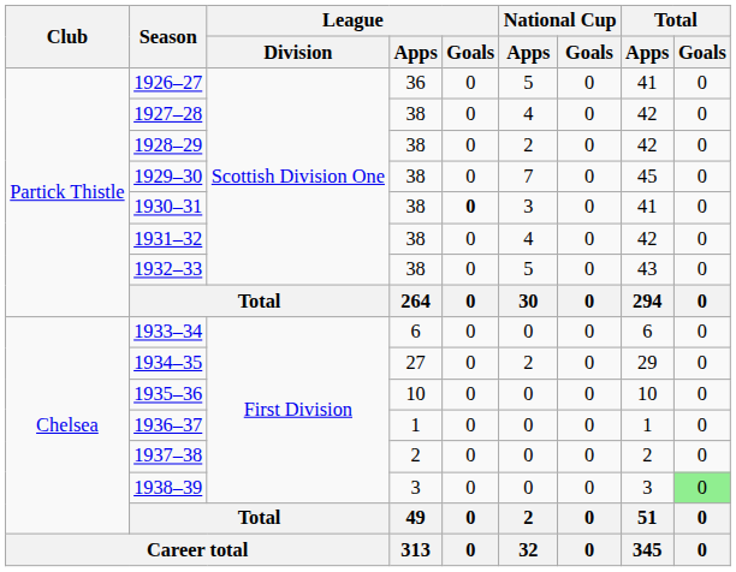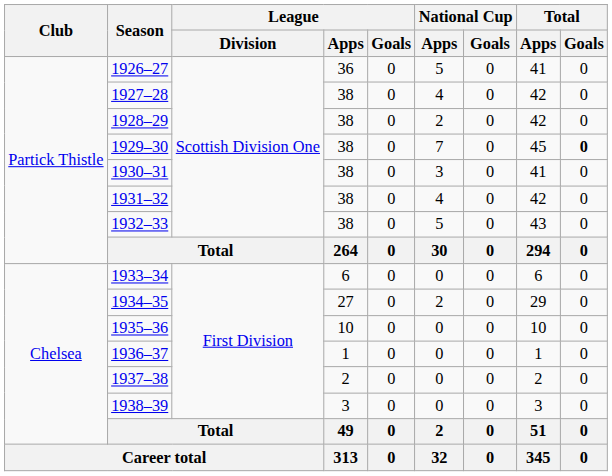 <table class="wikitable" style="text-align: center">
 <tr>
 <th rowspan="2">Club</th>
 <th rowspan="2">Season</th>
 <th colspan="3">League</th>
 <th colspan="2">National Cup</th>
 <th colspan="2">Total</th>
 </tr>
 <tr>
 <th>Division</th>
 <th>Apps</th>
 <th>Goals</th>
 <th>Apps</th>
 <th>Goals</th>
 <th>Apps</th>
 <th>Goals</th>
 </tr>
 <tr>
 <td rowspan="8"><a href='#'>Partick Thistle</a></td>
 <td><a href='#'>1926–27</a></td>
 <td rowspan="7"><a href='#'>Scottish Division One</a></td>
 <td>36</td>
 <td>0</td>
 <td>5</td>
 <td>0</td>
 <td>41</td>
 <td>0</td>
 </tr>
 <tr>
 <td><a href='#'>1927–28</a></td>
 <td>38</td>
 <td>0</td>
 <td>4</td>
 <td>0</td>
 <td>42</td>
 <td>0</td>
 </tr>
 <tr>
 <td><a href='#'>1928–29</a></td>
 <td>38</td>
 <td>0</td>
 <td>2</td>
 <td>0</td>
 <td>42</td>
 <td>0</td>
 </tr>
 <tr>
 <td><a href='#'>1929–30</a></td>
 <td>38</td>
 <td>0</td>
 <td>7</td>
 <td>0</td>
 <td>45</td>
-<td>0</td>
+<td><strong>0</strong></td>
 </tr>
 <tr>
 <td><a href='#'>1930–31</a></td>
 <td>38</td>
-<td><strong>0</strong></td>
+<td>0</td>
 <td>3</td>
 <td>0</td>
 <td>41</td>
 <td>0</td>
 </tr>
 <tr>
 <td><a href='#'>1931–32</a></td>
 <td>38</td>
 <td>0</td>
 <td>4</td>
 <td>0</td>
 <td>42</td>
 <td>0</td>
 </tr>
 <tr>
 <td><a href='#'>1932–33</a></td>
 <td>38</td>
 <td>0</td>
 <td>5</td>
 <td>0</td>
 <td>43</td>
 <td>0</td>
 </tr>
 <tr>
 <th colspan="2">Total</th>
 <th>264</th>
 <th>0</th>
 <th>30</th>
 <th>0</th>
 <th>294</th>
 <th>0</th>
 </tr>
 <tr>
 <td rowspan="7"><a href='#'>Chelsea</a></td>
 <td><a href='#'>1933–34</a></td>
 <td rowspan="6"><a href='#'>First Division</a></td>
 <td>6</td>
 <td>0</td>
 <td>0</td>
 <td>0</td>
 <td>6</td>
 <td>0</td>
 </tr>
 <tr>
 <td><a href='#'>1934–35</a></td>
 <td>27</td>
 <td>0</td>
 <td>2</td>
 <td>0</td>
 <td>29</td>
 <td>0</td>
 </tr>
 <tr>
 <td><a href='#'>1935–36</a></td>
 <td>10</td>
 <td>0</td>
 <td>0</td>
 <td>0</td>
 <td>10</td>
 <td>0</td>
 </tr>
 <tr>
 <td><a href='#'>1936–37</a></td>
 <td>1</td>
 <td>0</td>
 <td>0</td>
 <td>0</td>
 <td>1</td>
 <td>0</td>
 </tr>
 <tr>
 <td><a href='#'>1937–38</a></td>
 <td>2</td>
 <td>0</td>
 <td>0</td>
 <td>0</td>
 <td>2</td>
 <td>0</td>
 </tr>
 <tr>
 <td><a href='#'>1938–39</a></td>
 <td>3</td>
 <td>0</td>
 <td>0</td>
 <td>0</td>
 <td>3</td>
-<td style="background: lightgreen;">0</td>
+<td>0</td>
 </tr>
 <tr>
 <th colspan="2">Total</th>
 <th>49</th>
 <th>0</th>
 <th>2</th>
 <th>0</th>
 <th>51</th>
 <th>0</th>
 </tr>
 <tr>
 <th colspan="3">Career total</th>
 <th>313</th>
 <th>0</th>
 <th>32</th>
 <th>0</th>
 <th>345</th>
 <th>0</th>
 </tr>
 </table>
